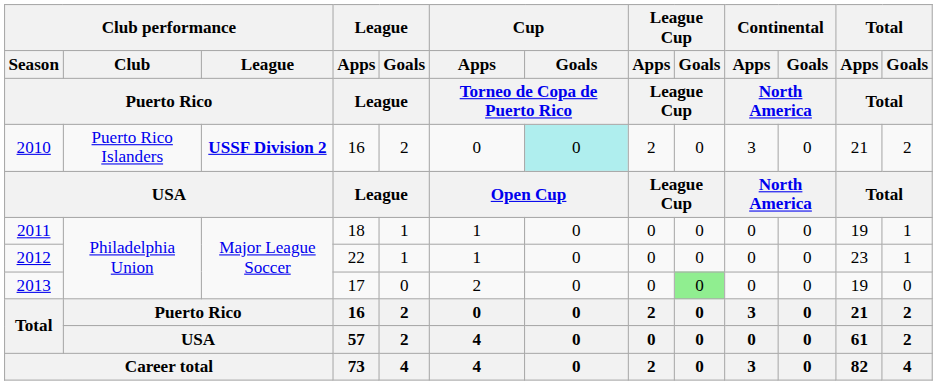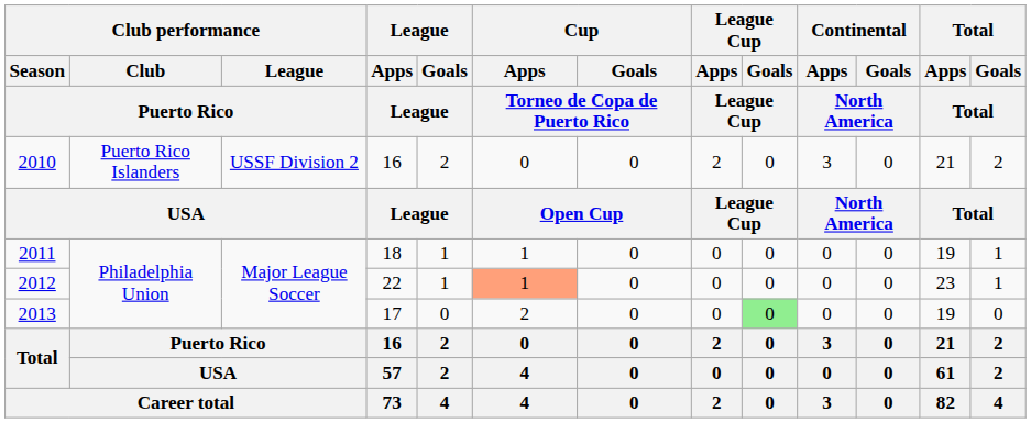 <table class="wikitable" style="text-align:center">
 <tr>
 <th colspan=3>Club performance</th>
 <th colspan=2>League</th>
 <th colspan=2>Cup</th>
 <th colspan=2>League Cup</th>
 <th colspan=2>Continental</th>
 <th colspan=2>Total</th>
 </tr>
 <tr>
 <th>Season</th>
 <th>Club</th>
 <th>League</th>
 <th>Apps</th>
 <th>Goals</th>
 <th>Apps</th>
 <th>Goals</th>
 <th>Apps</th>
 <th>Goals</th>
 <th>Apps</th>
 <th>Goals</th>
 <th>Apps</th>
 <th>Goals</th>
 </tr>
 <tr>
 <th colspan=3>Puerto Rico</th>
 <th colspan=2>League</th>
 <th colspan=2><a href='#'>Torneo de Copa de Puerto Rico</a></th>
 <th colspan=2>League Cup</th>
 <th colspan=2><a href='#'>North America</a></th>
 <th colspan=2>Total</th>
 </tr>
 <tr>
 <td><a href='#'>2010</a></td>
 <td rowspan="1"><a href='#'>Puerto Rico Islanders</a></td>
-<td rowspan="1"><strong><a href='#'>USSF Division 2</a></strong></td>
+<td rowspan="1"><a href='#'>USSF Division 2</a></td>
 <td>16</td>
 <td>2</td>
 <td>0</td>
-<td style="background: paleturquoise;">0</td>
+<td>0</td>
 <td>2</td>
 <td>0</td>
 <td>3</td>
 <td>0</td>
 <td>21</td>
 <td>2</td>
 </tr>
 <tr>
 <th colspan=3>USA</th>
 <th colspan=2>League</th>
 <th colspan=2><a href='#'>Open Cup</a></th>
 <th colspan=2>League Cup</th>
 <th colspan=2><a href='#'>North America</a></th>
 <th colspan=2>Total</th>
 </tr>
 <tr>
 <td><a href='#'>2011</a></td>
 <td rowspan="3"><a href='#'>Philadelphia Union</a></td>
 <td rowspan="3"><a href='#'>Major League Soccer</a></td>
 <td>18</td>
 <td>1</td>
 <td>1</td>
 <td>0</td>
 <td>0</td>
 <td>0</td>
 <td>0</td>
 <td>0</td>
 <td>19</td>
 <td>1</td>
 </tr>
 <tr>
 <td><a href='#'>2012</a></td>
 <td>22</td>
 <td>1</td>
-<td>1</td>
+<td style="background: lightsalmon;">1</td>
 <td>0</td>
 <td>0</td>
 <td>0</td>
 <td>0</td>
 <td>0</td>
 <td>23</td>
 <td>1</td>
 </tr>
 <tr>
 <td><a href='#'>2013</a></td>
 <td>17</td>
 <td>0</td>
 <td>2</td>
 <td>0</td>
 <td>0</td>
 <td style="background: lightgreen;">0</td>
 <td>0</td>
 <td>0</td>
 <td>19</td>
 <td>0</td>
 </tr>
 <tr>
 <th rowspan=2>Total</th>
 <th colspan=2>Puerto Rico</th>
 <th>16</th>
 <th>2</th>
 <th>0</th>
 <th>0</th>
 <th>2</th>
 <th>0</th>
 <th>3</th>
 <th>0</th>
 <th>21</th>
 <th>2</th>
 </tr>
 <tr>
 <th colspan=2>USA</th>
 <th>57</th>
 <th>2</th>
 <th>4</th>
 <th>0</th>
 <th>0</th>
 <th>0</th>
 <th>0</th>
 <th>0</th>
 <th>61</th>
 <th>2</th>
 </tr>
 <tr>
 <th colspan=3>Career total</th>
 <th>73</th>
 <th>4</th>
 <th>4</th>
 <th>0</th>
 <th>2</th>
 <th>0</th>
 <th>3</th>
 <th>0</th>
 <th>82</th>
 <th>4</th>
 </tr>
 </table>
